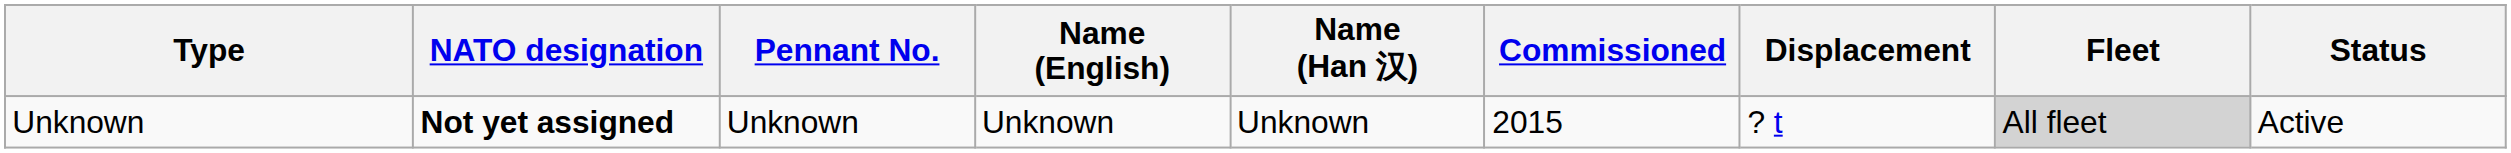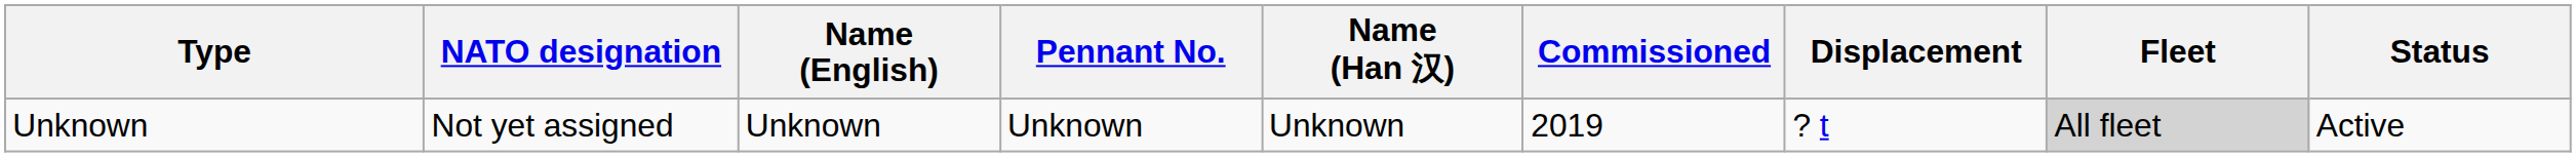 <table class="wikitable sortable"  style="margin:auto; width:100%;">
 <tr>
 <th style="text-align:center; width:16%;">Type</th>
 <th style="text-align:center; width:12%;"><a href='#'>NATO designation</a></th>
+<th style="text-align:center; width:10%;">Name<br>(English)</th>
 <th style="text-align:center; width:10%;"><a href='#'>Pennant No.</a></th>
-<th style="text-align:center; width:10%;">Name<br>(English)</th>
 <th style="text-align:center; width:10%;">Name<br>(Han 汉)</th>
 <th style="text-align:center; width:10%;"><a href='#'>Commissioned</a></th>
 <th style="text-align:center; width:10%;">Displacement</th>
 <th style="text-align:center; width:10%;">Fleet</th>
 <th style="text-align:center; width:10%;">Status</th>
 </tr>
 <tr>
 <td>Unknown</td>
-<td><strong>Not yet assigned</strong></td>
+<td>Not yet assigned</td>
 <td>Unknown</td>
 <td>Unknown</td>
 <td>Unknown</td>
-<td>2015</td>
+<td>2019</td>
 <td>? <a href='#'>t</a></td>
 <td style="background: lightgrey;">All fleet</td>
 <td><span>Active</span></td>
 </tr>
 </table>
